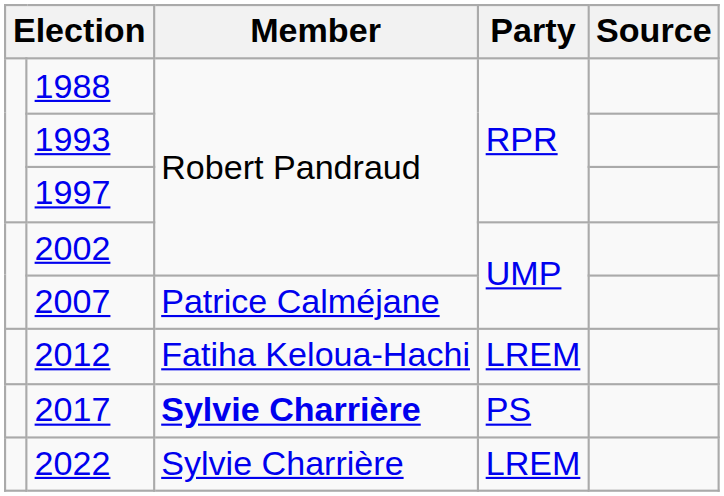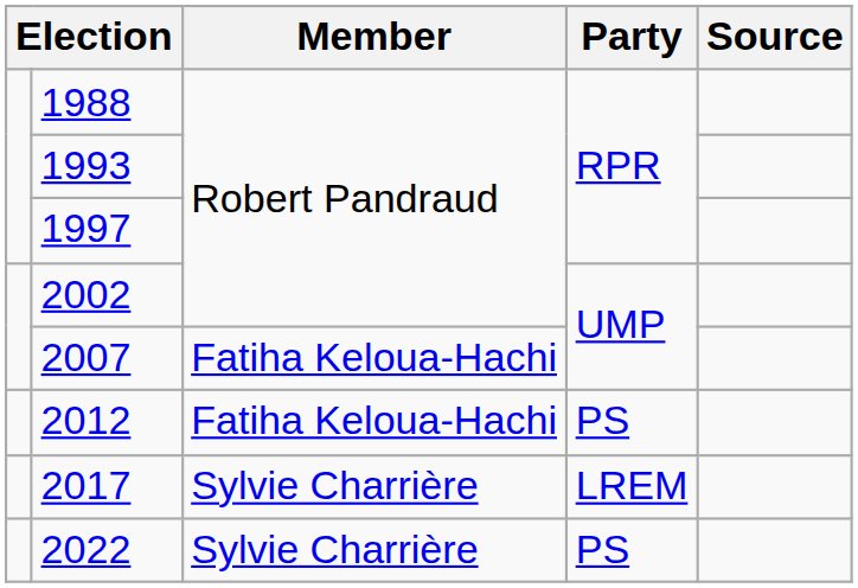 <table class="wikitable">
 <tr>
 <th colspan="2">Election</th>
 <th>Member</th>
 <th>Party</th>
 <th>Source</th>
 </tr>
 <tr>
 <td rowspan=3 style="color:inherit;background-color: "></td>
 <td><a href='#'>1988</a></td>
 <td rowspan=4>Robert Pandraud</td>
 <td rowspan=3><a href='#'>RPR</a></td>
 <td></td>
 </tr>
 <tr>
 <td><a href='#'>1993</a></td>
 <td></td>
 </tr>
 <tr>
 <td><a href='#'>1997</a></td>
 <td></td>
 </tr>
 <tr>
 <td rowspan=2 style="color:inherit;background-color: "></td>
 <td><a href='#'>2002</a></td>
 <td rowspan=2><a href='#'>UMP</a></td>
 <td></td>
 </tr>
 <tr>
 <td><a href='#'>2007</a></td>
-<td><a href='#'>Patrice Calméjane</a></td>
+<td><a href='#'>Fatiha Keloua-Hachi</a></td>
 <td></td>
 </tr>
 <tr>
 <td style="color:inherit;background-color: "></td>
 <td><a href='#'>2012</a></td>
 <td><a href='#'>Fatiha Keloua-Hachi</a></td>
-<td><a href='#'>LREM</a></td>
+<td><a href='#'>PS</a></td>
 <td></td>
 </tr>
 <tr>
 <td style="color:inherit;background-color: "></td>
 <td><a href='#'>2017</a></td>
-<td><strong><a href='#'>Sylvie Charrière</a></strong></td>
-<td><a href='#'>PS</a></td>
+<td><a href='#'>Sylvie Charrière</a></td>
+<td><a href='#'>LREM</a></td>
 <td></td>
 </tr>
 <tr>
 <td style="color:inherit;background-color: "></td>
 <td><a href='#'>2022</a></td>
 <td><a href='#'>Sylvie Charrière</a></td>
-<td><a href='#'>LREM</a></td>
+<td><a href='#'>PS</a></td>
 <td></td>
 </tr>
 </table>
